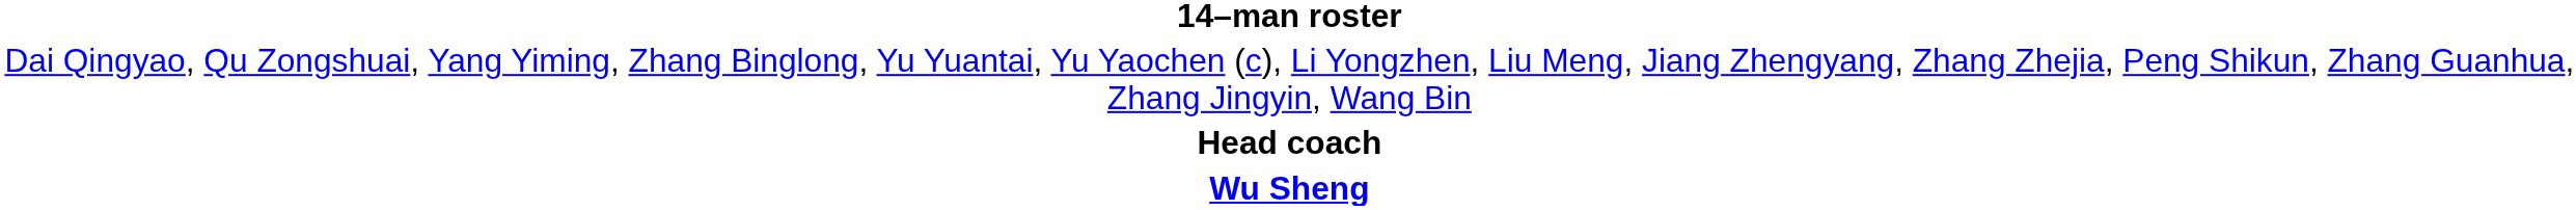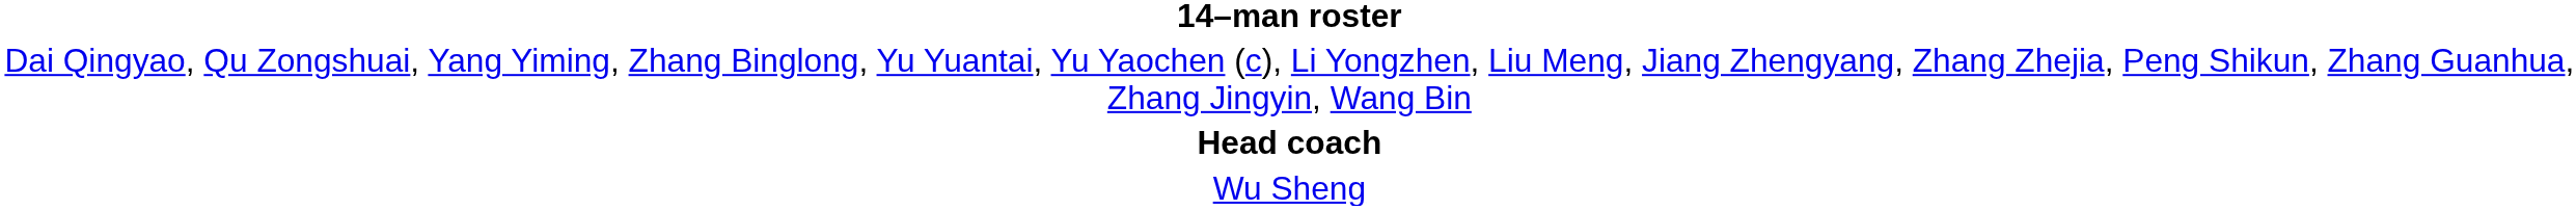 <table style="text-align:center; margin-top:2em; margin-left:auto; margin-right:auto">
 <tr>
 <td><strong>14–man roster</strong></td>
 </tr>
 <tr>
 <td><a href='#'>Dai Qingyao</a>, <a href='#'>Qu Zongshuai</a>, <a href='#'>Yang Yiming</a>, <a href='#'>Zhang Binglong</a>, <a href='#'>Yu Yuantai</a>, <a href='#'>Yu Yaochen</a> (<a href='#'>c</a>), <a href='#'>Li Yongzhen</a>, <a href='#'>Liu Meng</a>, <a href='#'>Jiang Zhengyang</a>, <a href='#'>Zhang Zhejia</a>, <a href='#'>Peng Shikun</a>, <a href='#'>Zhang Guanhua</a>, <a href='#'>Zhang Jingyin</a>, <a href='#'>Wang Bin</a></td>
 </tr>
 <tr>
 <td><strong>Head coach</strong></td>
 </tr>
 <tr>
-<td><strong><a href='#'>Wu Sheng</a></strong></td>
+<td><a href='#'>Wu Sheng</a></td>
 </tr>
 </table>
